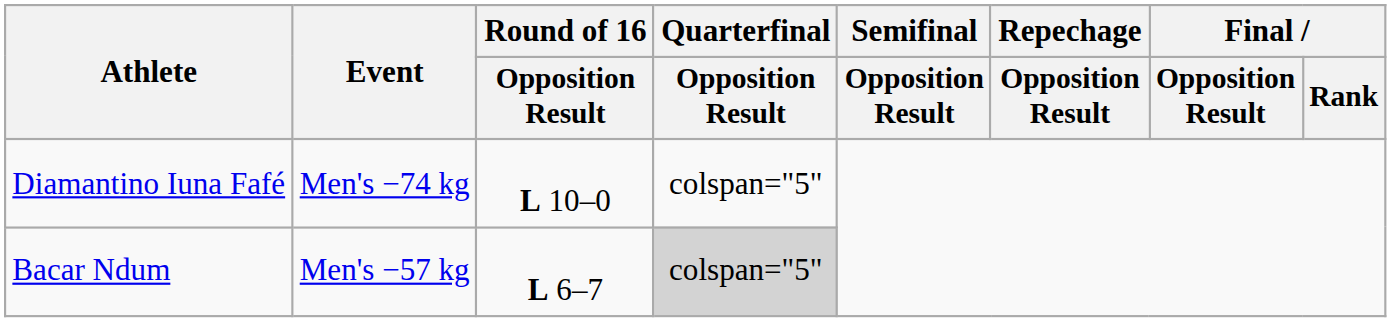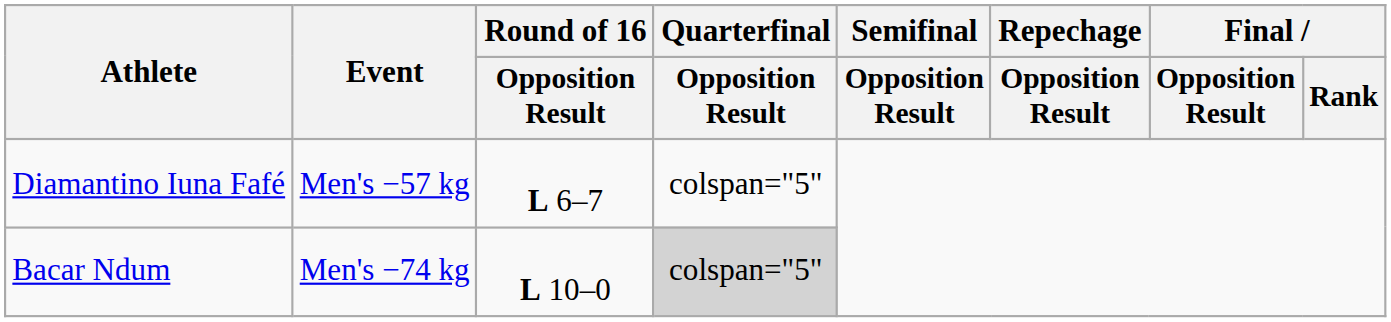 <table class="wikitable" style="font-size:90%">
 <tr>
 <th rowspan=2>Athlete</th>
 <th rowspan=2>Event</th>
 <th>Round of 16</th>
 <th>Quarterfinal</th>
 <th>Semifinal</th>
 <th>Repechage</th>
 <th colspan=2>Final / </th>
 </tr>
 <tr style="font-size: 95%">
 <th>Opposition<br>Result</th>
 <th>Opposition<br>Result</th>
 <th>Opposition<br>Result</th>
 <th>Opposition<br>Result</th>
 <th>Opposition<br>Result</th>
 <th>Rank</th>
 </tr>
 <tr align=center>
 <td align=left><a href='#'>Diamantino Iuna Fafé</a></td>
-<td align=left><a href='#'>Men's −74 kg</a></td>
-<td><br><strong>L</strong> 10–0</td>
+<td align=left><a href='#'>Men's −57 kg</a></td>
+<td><br><strong>L</strong> 6–7</td>
 <td>colspan="5" </td>
 </tr>
 <tr align=center>
 <td align=left><a href='#'>Bacar Ndum</a></td>
-<td align=left><a href='#'>Men's −57 kg</a></td>
-<td><br><strong>L</strong> 6–7</td>
+<td align=left><a href='#'>Men's −74 kg</a></td>
+<td><br><strong>L</strong> 10–0</td>
 <td style="background: lightgrey;">colspan="5" </td>
 </tr>
 </table>
